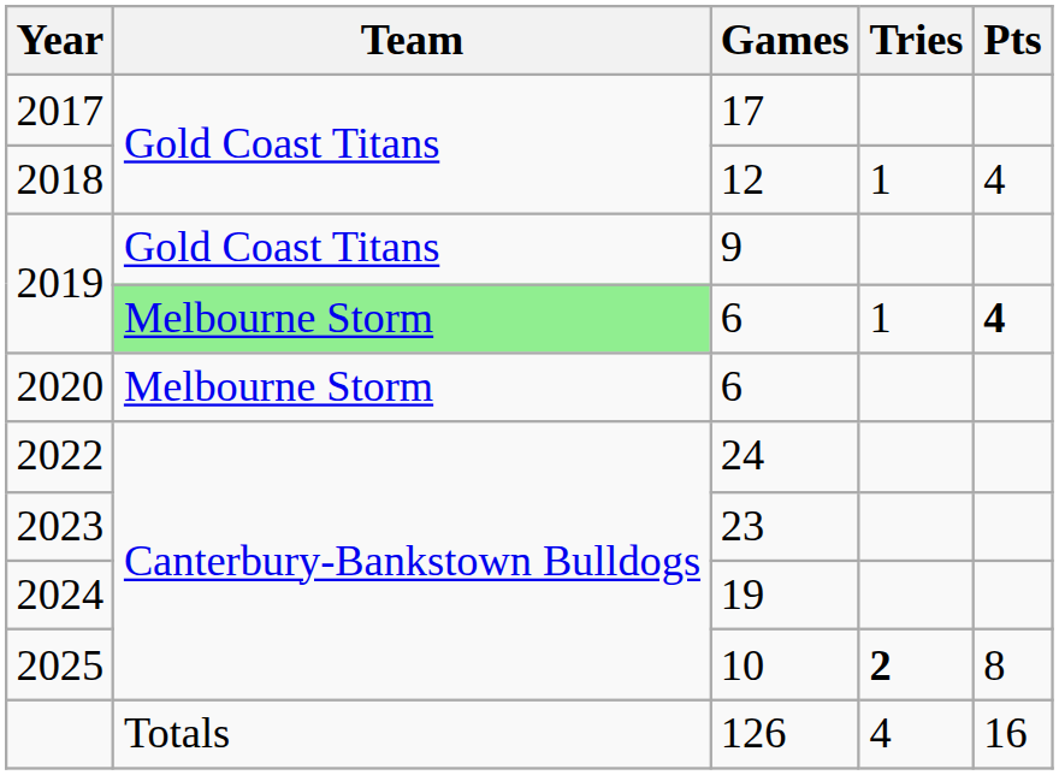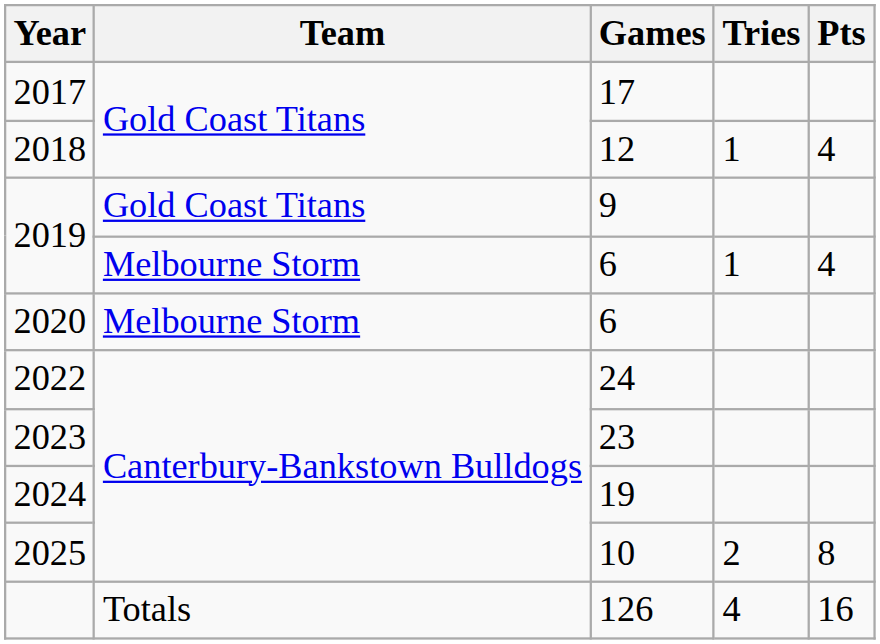 <table class="wikitable">
 <tr>
 <th>Year</th>
 <th>Team</th>
 <th>Games</th>
 <th>Tries</th>
 <th>Pts</th>
 </tr>
 <tr>
 <td>2017</td>
 <td rowspan="2"> <a href='#'>Gold Coast Titans</a></td>
 <td>17</td>
 <td></td>
 <td></td>
 </tr>
 <tr>
 <td>2018</td>
 <td>12</td>
 <td>1</td>
 <td>4</td>
 </tr>
 <tr>
 <td rowspan="2">2019</td>
 <td> <a href='#'>Gold Coast Titans</a></td>
 <td>9</td>
 <td></td>
 <td></td>
 </tr>
 <tr>
-<td style="background: lightgreen;"> <a href='#'>Melbourne Storm</a></td>
+<td> <a href='#'>Melbourne Storm</a></td>
 <td>6</td>
 <td>1</td>
-<td><strong>4</strong></td>
+<td>4</td>
 </tr>
 <tr>
 <td>2020</td>
 <td> <a href='#'>Melbourne Storm</a></td>
 <td>6</td>
 <td></td>
 <td></td>
 </tr>
 <tr>
 <td>2022</td>
 <td rowspan="4"> <a href='#'>Canterbury-Bankstown Bulldogs</a></td>
 <td>24</td>
 <td></td>
 <td></td>
 </tr>
 <tr>
 <td>2023</td>
 <td>23</td>
 <td></td>
 <td></td>
 </tr>
 <tr>
 <td>2024</td>
 <td>19</td>
 <td></td>
 <td></td>
 </tr>
 <tr>
 <td>2025</td>
 <td>10</td>
-<td><strong>2</strong></td>
+<td>2</td>
 <td>8</td>
 </tr>
 <tr>
 <td></td>
 <td>Totals</td>
 <td>126</td>
 <td>4</td>
 <td>16</td>
 </tr>
 </table>
